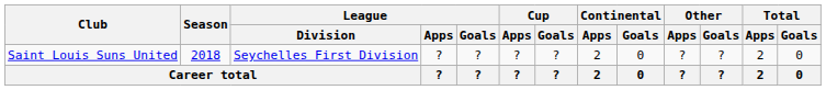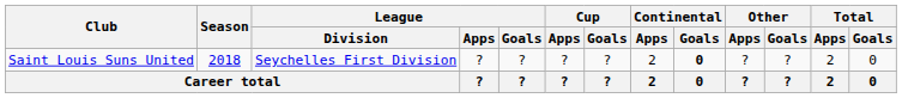 <table class="wikitable" style="text-align: center">
 <tr>
 <th rowspan="2">Club</th>
 <th rowspan="2">Season</th>
 <th colspan="3">League</th>
 <th colspan="2">Cup</th>
 <th colspan="2">Continental</th>
 <th colspan="2">Other</th>
 <th colspan="2">Total</th>
 </tr>
 <tr>
 <th>Division</th>
 <th>Apps</th>
 <th>Goals</th>
 <th>Apps</th>
 <th>Goals</th>
 <th>Apps</th>
 <th>Goals</th>
 <th>Apps</th>
 <th>Goals</th>
 <th>Apps</th>
 <th>Goals</th>
 </tr>
 <tr>
 <td><a href='#'>Saint Louis Suns United</a></td>
 <td><a href='#'>2018</a></td>
 <td><a href='#'>Seychelles First Division</a></td>
 <td>?</td>
 <td>?</td>
 <td>?</td>
 <td>?</td>
 <td>2</td>
-<td>0</td>
+<td><strong>0</strong></td>
 <td>?</td>
 <td>?</td>
 <td>2</td>
 <td>0</td>
 </tr>
 <tr>
 <th colspan="3"><strong>Career total</strong></th>
 <th>?</th>
 <th>?</th>
 <th>?</th>
 <th>?</th>
 <th>2</th>
 <th>0</th>
 <th>?</th>
 <th>?</th>
 <th>2</th>
 <th>0</th>
 </tr>
 </table>
